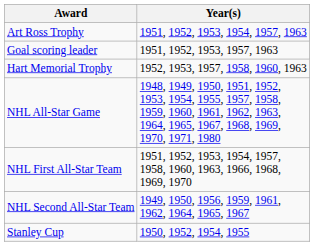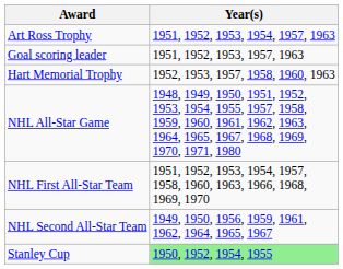 <table class="wikitable">
 <tr>
 <th>Award</th>
 <th>Year(s)</th>
 </tr>
 <tr>
 <td><a href='#'>Art Ross Trophy</a></td>
 <td><a href='#'>1951</a>, <a href='#'>1952</a>, <a href='#'>1953</a>, <a href='#'>1954</a>, <a href='#'>1957</a>, <a href='#'>1963</a></td>
 </tr>
 <tr>
 <td><a href='#'>Goal scoring leader</a></td>
 <td>1951, 1952, 1953, 1957, 1963</td>
 </tr>
 <tr>
 <td><a href='#'>Hart Memorial Trophy</a></td>
 <td>1952, 1953, 1957, <a href='#'>1958</a>, <a href='#'>1960</a>, 1963</td>
 </tr>
 <tr>
 <td><a href='#'>NHL All-Star Game</a></td>
 <td><a href='#'>1948</a>, <a href='#'>1949</a>, <a href='#'>1950</a>, <a href='#'>1951</a>, <a href='#'>1952</a>,<br> <a href='#'>1953</a>, <a href='#'>1954</a>, <a href='#'>1955</a>, <a href='#'>1957</a>, <a href='#'>1958</a>, <br><a href='#'>1959</a>, <a href='#'>1960</a>, <a href='#'>1961</a>, <a href='#'>1962</a>, <a href='#'>1963</a>,<br> <a href='#'>1964</a>, <a href='#'>1965</a>, <a href='#'>1967</a>, <a href='#'>1968</a>, <a href='#'>1969</a>,<br> <a href='#'>1970</a>, <a href='#'>1971</a>, <a href='#'>1980</a></td>
 </tr>
 <tr>
 <td><a href='#'>NHL First All-Star Team</a></td>
 <td>1951, 1952, 1953, 1954, 1957,<br> 1958, 1960, 1963, 1966, 1968,<br> 1969, 1970</td>
 </tr>
 <tr>
 <td><a href='#'>NHL Second All-Star Team</a></td>
 <td><a href='#'>1949</a>, <a href='#'>1950</a>, <a href='#'>1956</a>, <a href='#'>1959</a>, <a href='#'>1961</a>,<br> <a href='#'>1962</a>, <a href='#'>1964</a>, <a href='#'>1965</a>, <a href='#'>1967</a></td>
 </tr>
 <tr>
 <td><a href='#'>Stanley Cup</a></td>
-<td><a href='#'>1950</a>, <a href='#'>1952</a>, <a href='#'>1954</a>, <a href='#'>1955</a></td>
+<td style="background: lightgreen;"><a href='#'>1950</a>, <a href='#'>1952</a>, <a href='#'>1954</a>, <a href='#'>1955</a></td>
 </tr>
 </table>
